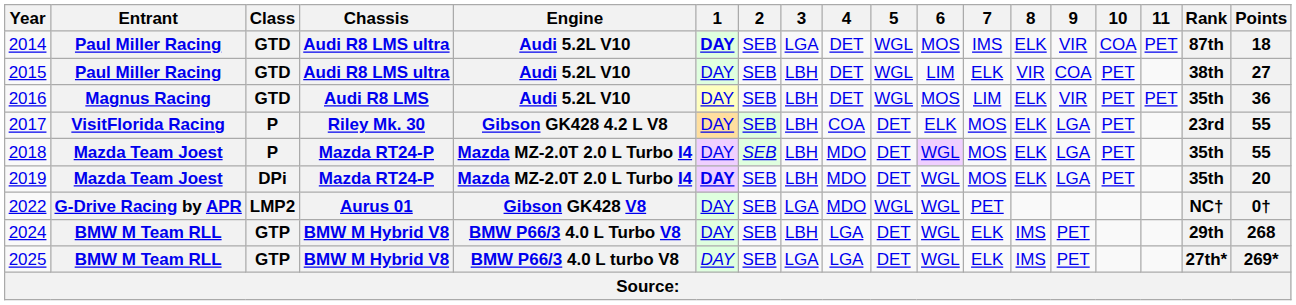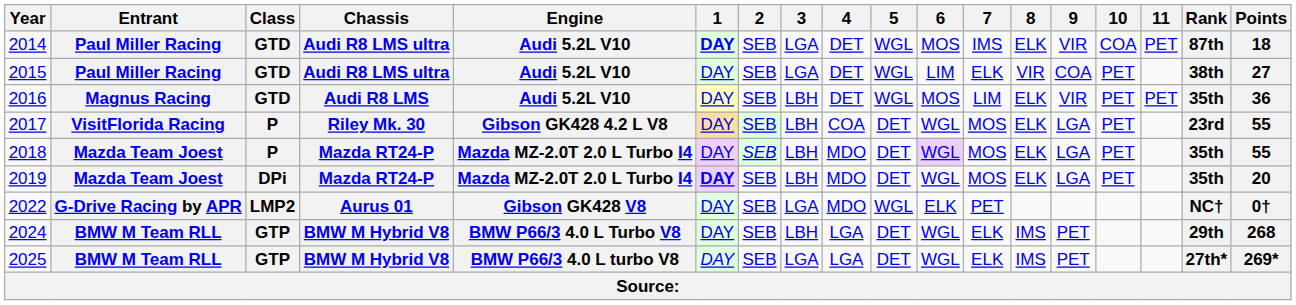 <table class="wikitable" style="text-align:center; font-size:85%">
 <tr>
 <th>Year</th>
 <th>Entrant</th>
 <th>Class</th>
 <th>Chassis</th>
 <th>Engine</th>
 <th>1</th>
 <th>2</th>
 <th>3</th>
 <th>4</th>
 <th>5</th>
 <th>6</th>
 <th>7</th>
 <th>8</th>
 <th>9</th>
 <th>10</th>
 <th>11</th>
 <th>Rank</th>
 <th>Points</th>
 </tr>
 <tr>
 <td><a href='#'>2014</a></td>
 <th nowrap><a href='#'>Paul Miller Racing</a></th>
 <th>GTD</th>
 <th nowrap><a href='#'>Audi R8 LMS ultra</a></th>
 <th nowrap><a href='#'>Audi</a> 5.2L V10</th>
 <td style="background:#DFFFDF;"><strong><a href='#'>DAY</a></strong><br></td>
 <td><a href='#'>SEB</a></td>
 <td><a href='#'>LGA</a></td>
 <td><a href='#'>DET</a></td>
 <td><a href='#'>WGL</a></td>
 <td><a href='#'>MOS</a></td>
 <td><a href='#'>IMS</a></td>
 <td><a href='#'>ELK</a></td>
 <td><a href='#'>VIR</a></td>
 <td><a href='#'>COA</a></td>
 <td><a href='#'>PET</a></td>
 <th>87th</th>
 <th>18</th>
 </tr>
 <tr>
 <td><a href='#'>2015</a></td>
 <th nowrap><a href='#'>Paul Miller Racing</a></th>
 <th>GTD</th>
 <th nowrap><a href='#'>Audi R8 LMS ultra</a></th>
 <th nowrap><a href='#'>Audi</a> 5.2L V10</th>
 <td style="background:#DFFFDF;"><a href='#'>DAY</a><br></td>
 <td><a href='#'>SEB</a></td>
-<td><a href='#'>LBH</a></td>
+<td><a href='#'>LGA</a></td>
 <td><a href='#'>DET</a></td>
 <td><a href='#'>WGL</a></td>
 <td><a href='#'>LIM</a></td>
 <td><a href='#'>ELK</a></td>
 <td><a href='#'>VIR</a></td>
 <td><a href='#'>COA</a></td>
 <td><a href='#'>PET</a></td>
 <td></td>
 <th>38th</th>
 <th>27</th>
 </tr>
 <tr>
 <td><a href='#'>2016</a></td>
 <th nowrap><a href='#'>Magnus Racing</a></th>
 <th>GTD</th>
 <th nowrap><a href='#'>Audi R8 LMS</a></th>
 <th nowrap><a href='#'>Audi</a> 5.2L V10</th>
 <td style="background:#FFFFBF;"><a href='#'>DAY</a><br></td>
 <td><a href='#'>SEB</a></td>
 <td><a href='#'>LBH</a></td>
 <td><a href='#'>DET</a></td>
 <td><a href='#'>WGL</a></td>
 <td><a href='#'>MOS</a></td>
 <td><a href='#'>LIM</a></td>
 <td><a href='#'>ELK</a></td>
 <td><a href='#'>VIR</a></td>
 <td><a href='#'>PET</a></td>
 <td><a href='#'>PET</a></td>
 <th>35th</th>
 <th>36</th>
 </tr>
 <tr>
 <td><a href='#'>2017</a></td>
 <th nowrap><a href='#'>VisitFlorida Racing</a></th>
 <th>P</th>
 <th nowrap><a href='#'>Riley Mk. 30</a></th>
 <th nowrap><a href='#'>Gibson</a> GK428 4.2 L V8</th>
 <td style="background:#FFDF9F"><a href='#'>DAY</a><br></td>
 <td style="background:#DFFFDF"><a href='#'>SEB</a><br></td>
 <td><a href='#'>LBH</a></td>
 <td><a href='#'>COA</a></td>
 <td><a href='#'>DET</a></td>
-<td><a href='#'>ELK</a></td>
+<td><a href='#'>WGL</a></td>
 <td><a href='#'>MOS</a></td>
 <td><a href='#'>ELK</a></td>
 <td><a href='#'>LGA</a></td>
 <td><a href='#'>PET</a></td>
 <td></td>
 <th>23rd</th>
 <th>55</th>
 </tr>
 <tr>
 <td><a href='#'>2018</a></td>
 <th nowrap><a href='#'>Mazda Team Joest</a></th>
 <th>P</th>
 <th nowrap><a href='#'>Mazda RT24-P</a></th>
 <th nowrap><a href='#'>Mazda</a> MZ-2.0T 2.0 L Turbo <a href='#'>I4</a></th>
 <td style="background:#EFCFFF;"><a href='#'>DAY</a><br></td>
 <td style="background:#DFFFDF;"><em><a href='#'>SEB</a></em><br></td>
 <td><a href='#'>LBH</a></td>
 <td><a href='#'>MDO</a></td>
 <td><a href='#'>DET</a></td>
 <td style="background:#EFCFFF;"><a href='#'>WGL</a><br></td>
 <td><a href='#'>MOS</a></td>
 <td><a href='#'>ELK</a></td>
 <td><a href='#'>LGA</a></td>
 <td><a href='#'>PET</a></td>
 <td></td>
 <th>35th</th>
 <th>55</th>
 </tr>
 <tr>
 <td><a href='#'>2019</a></td>
 <th nowrap><a href='#'>Mazda Team Joest</a></th>
 <th>DPi</th>
 <th nowrap><a href='#'>Mazda RT24-P</a></th>
 <th nowrap><a href='#'>Mazda</a> MZ-2.0T 2.0 L Turbo <a href='#'>I4</a></th>
 <td style="background:#EFCFFF;"><strong><a href='#'>DAY</a></strong><br></td>
 <td><a href='#'>SEB</a></td>
 <td><a href='#'>LBH</a></td>
 <td><a href='#'>MDO</a></td>
 <td><a href='#'>DET</a></td>
 <td><a href='#'>WGL</a></td>
 <td><a href='#'>MOS</a></td>
 <td><a href='#'>ELK</a></td>
 <td><a href='#'>LGA</a></td>
 <td><a href='#'>PET</a></td>
 <td></td>
 <th>35th</th>
 <th>20</th>
 </tr>
 <tr>
 <td><a href='#'>2022</a></td>
 <th nowrap><a href='#'>G-Drive Racing</a> by <a href='#'>APR</a></th>
 <th>LMP2</th>
 <th nowrap><a href='#'>Aurus 01</a></th>
 <th nowrap><a href='#'>Gibson</a> GK428 <a href='#'>V8</a></th>
 <td style="background:#DFFFDF;"><a href='#'>DAY</a><br></td>
 <td><a href='#'>SEB</a></td>
 <td><a href='#'>LGA</a></td>
 <td><a href='#'>MDO</a></td>
 <td><a href='#'>WGL</a></td>
-<td><a href='#'>WGL</a></td>
+<td><a href='#'>ELK</a></td>
 <td><a href='#'>PET</a></td>
 <td></td>
 <td></td>
 <td></td>
 <td></td>
 <th>NC†</th>
 <th>0†</th>
 </tr>
 <tr>
 <td><a href='#'>2024</a></td>
 <th nowrap><a href='#'>BMW M Team RLL</a></th>
 <th>GTP</th>
 <th nowrap><a href='#'>BMW M Hybrid V8</a></th>
 <th nowrap><a href='#'>BMW P66/3</a> 4.0 L Turbo <a href='#'>V8</a></th>
 <td style="background:#DFFFDF;"><a href='#'>DAY</a><br></td>
 <td><a href='#'>SEB</a></td>
 <td><a href='#'>LBH</a></td>
 <td><a href='#'>LGA</a></td>
 <td><a href='#'>DET</a></td>
 <td><a href='#'>WGL</a></td>
 <td><a href='#'>ELK</a></td>
 <td><a href='#'>IMS</a></td>
 <td><a href='#'>PET</a></td>
 <td></td>
 <td></td>
 <th>29th</th>
 <th>268</th>
 </tr>
 <tr>
 <td><a href='#'>2025</a></td>
 <th><a href='#'>BMW M Team RLL</a></th>
 <th>GTP</th>
 <th><a href='#'>BMW M Hybrid V8</a></th>
 <th><a href='#'>BMW P66/3</a> 4.0 L turbo V8</th>
 <td style="background:#DFFFDF;"><em><a href='#'>DAY</a></em><br></td>
 <td><a href='#'>SEB</a></td>
 <td><a href='#'>LGA</a></td>
 <td><a href='#'>LGA</a></td>
 <td><a href='#'>DET</a></td>
 <td style="background:#;"><a href='#'>WGL</a><br></td>
 <td><a href='#'>ELK</a></td>
 <td style="background:#;"><a href='#'>IMS</a><br></td>
 <td style="background:#;"><a href='#'>PET</a><br></td>
 <td></td>
 <td></td>
 <th>27th*</th>
 <th>269*</th>
 </tr>
 <tr>
 <th colspan="18">Source:</th>
 </tr>
 </table>
